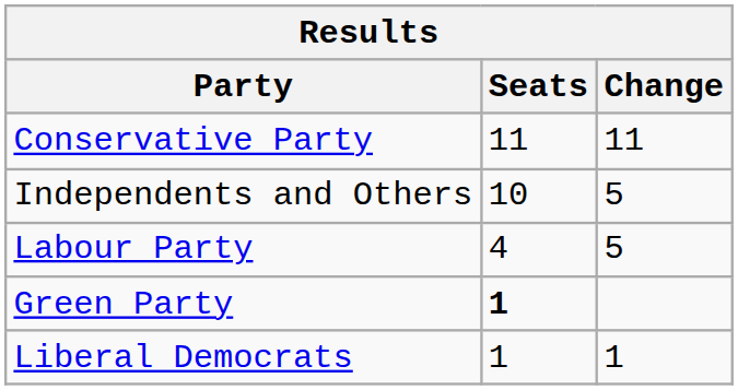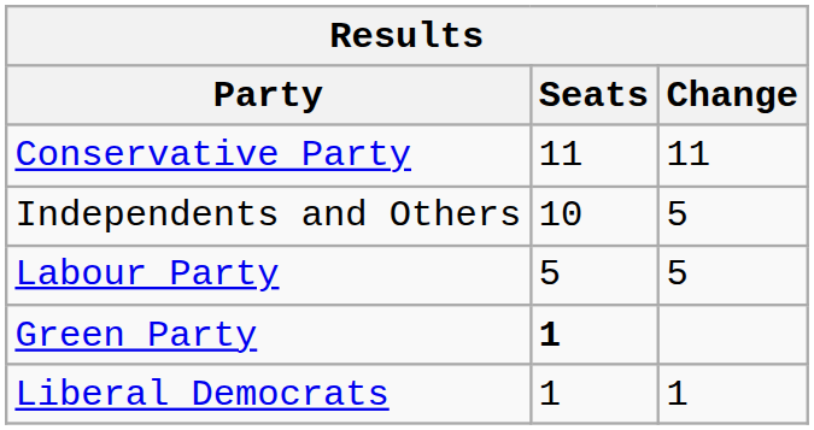 <table class="wikitable">
 <tr>
 <th colspan="3">Results</th>
 </tr>
 <tr>
 <th>Party</th>
 <th>Seats</th>
 <th>Change</th>
 </tr>
 <tr>
 <td><a href='#'>Conservative Party</a></td>
 <td>11</td>
 <td> 11</td>
 </tr>
 <tr>
 <td>Independents and Others</td>
 <td>10</td>
 <td> 5</td>
 </tr>
 <tr>
 <td><a href='#'>Labour Party</a></td>
-<td>4</td>
+<td>5</td>
 <td> 5</td>
 </tr>
 <tr>
 <td><a href='#'>Green Party</a></td>
 <td><strong>1</strong></td>
 <td></td>
 </tr>
 <tr>
 <td><a href='#'>Liberal Democrats</a></td>
 <td>1</td>
 <td> 1</td>
 </tr>
 </table>
